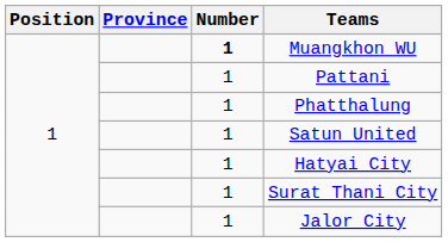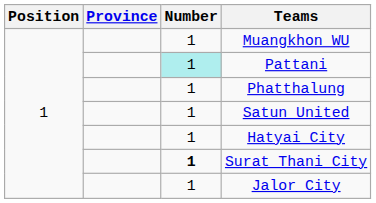 <table class="wikitable">
 <tr>
 <th>Position</th>
 <th><a href='#'>Province</a></th>
 <th>Number</th>
 <th>Teams</th>
 </tr>
 <tr>
 <td align=center rowspan="7">1</td>
 <td></td>
-<td align=center><strong>1</strong></td>
+<td align=center>1</td>
 <td align=center><a href='#'>Muangkhon WU</a></td>
 </tr>
 <tr>
 <td></td>
-<td align=center>1</td>
+<td align=center style="background: paleturquoise;">1</td>
 <td align=center><a href='#'>Pattani</a></td>
 </tr>
 <tr>
 <td></td>
 <td align=center>1</td>
 <td align=center><a href='#'>Phatthalung</a></td>
 </tr>
 <tr>
 <td></td>
 <td align=center>1</td>
 <td align=center><a href='#'>Satun United</a></td>
 </tr>
 <tr>
 <td></td>
 <td align=center>1</td>
 <td align=center><a href='#'>Hatyai City</a></td>
 </tr>
 <tr>
 <td></td>
-<td align=center>1</td>
+<td align=center><strong>1</strong></td>
 <td align=center><a href='#'>Surat Thani City</a></td>
 </tr>
 <tr>
 <td></td>
 <td align=center>1</td>
 <td align=center><a href='#'>Jalor City</a></td>
 </tr>
 </table>
